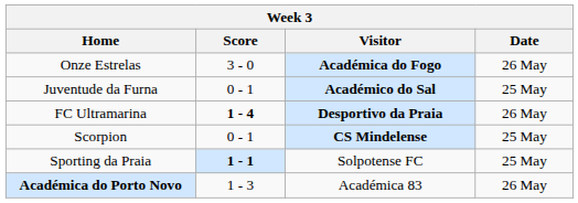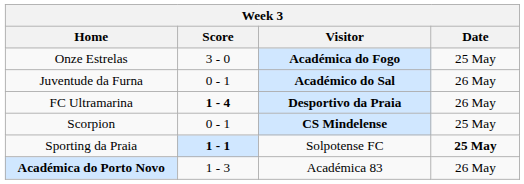 <table class="wikitable" style="font-size:95%; text-align: center; width: 95%; margin:1em auto;">
 <tr>
 <th colspan="12" style="with: 100%;">Week 3</th>
 </tr>
 <tr>
 <th width="200">Home</th>
 <th width="90">Score</th>
 <th width="200">Visitor</th>
 <th width="100">Date</th>
 </tr>
 <tr>
 <td>Onze Estrelas</td>
 <td>3 - 0</td>
 <td bgcolor=#D0E7FF><strong>Académica do Fogo</strong></td>
-<td>26 May</td>
+<td>25 May</td>
 </tr>
 <tr>
 <td>Juventude da Furna</td>
 <td>0 - 1</td>
 <td bgcolor=#D0E7FF><strong>Académico do Sal</strong></td>
-<td>25 May</td>
+<td>26 May</td>
 </tr>
 <tr>
 <td>FC Ultramarina</td>
 <td><strong>1 - 4</strong></td>
 <td bgcolor=#D0E7FF><strong>Desportivo da Praia</strong></td>
 <td>26 May</td>
 </tr>
 <tr>
 <td>Scorpion</td>
 <td>0 - 1</td>
 <td bgcolor=#D0E7FF><strong>CS Mindelense</strong></td>
 <td>25 May</td>
 </tr>
 <tr>
 <td>Sporting da Praia</td>
 <td bgcolor=#D0E7FF><strong>1 - 1</strong></td>
 <td>Solpotense FC</td>
-<td>25 May</td>
+<td><strong>25 May</strong></td>
 </tr>
 <tr>
 <td bgcolor=#D0E7FF><strong>Académica do Porto Novo</strong></td>
 <td>1 - 3</td>
 <td>Académica 83</td>
 <td>26 May</td>
 </tr>
 </table>
